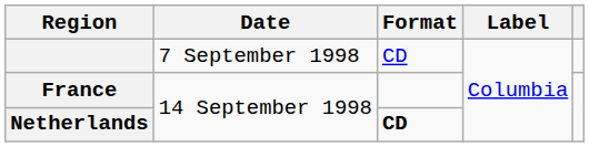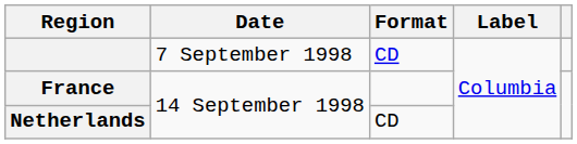 <table class="wikitable plainrowheaders">
 <tr>
 <th scope="col">Region</th>
 <th scope="col">Date</th>
 <th scope="col">Format</th>
 <th scope="col">Label</th>
 <th scope="col"></th>
 </tr>
 <tr>
 <th scope="row"></th>
 <td>7 September 1998</td>
 <td><a href='#'>CD</a></td>
 <td rowspan="3"><a href='#'>Columbia</a></td>
 <td align="center"></td>
 </tr>
 <tr>
 <th scope="row">France</th>
 <td rowspan="2">14 September 1998</td>
 <td></td>
 <td rowspan="2" align="center"></td>
 </tr>
 <tr>
 <th scope="row">Netherlands</th>
-<td><strong>CD</strong></td>
+<td>CD</td>
 </tr>
 </table>
